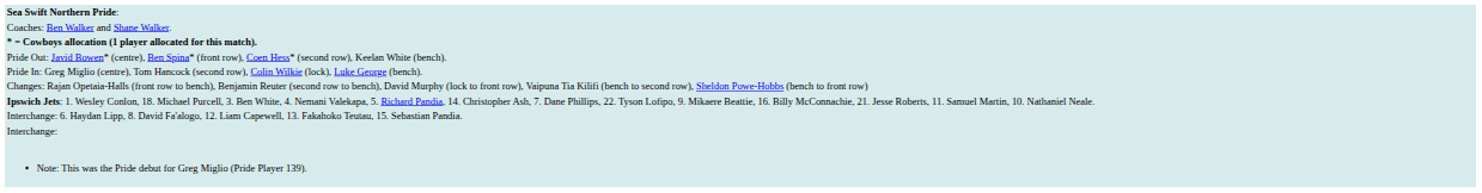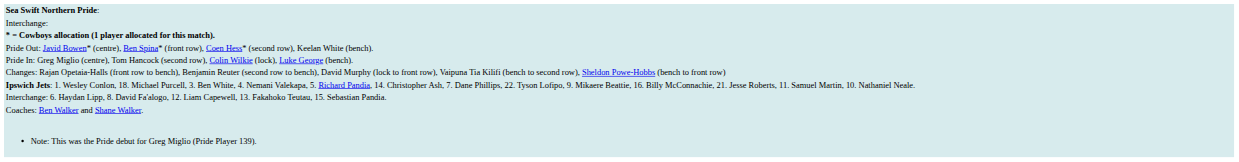 <table style="background:#d7ebed; font-size:85%; width:100%;">
 <tr>
 <td><strong>Sea Swift Northern Pride</strong>:             </td>
 </tr>
 <tr>
-<td>Coaches: <a href='#'>Ben Walker</a> and <a href='#'>Shane Walker</a>.</td>
+<td>Interchange:    </td>
 </tr>
 <tr>
 <td><strong>* = Cowboys allocation (1 player allocated for this match).</strong></td>
 </tr>
 <tr>
 <td>Pride Out: <a href='#'>Javid Bowen</a>* (centre), <a href='#'>Ben Spina</a>* (front row), <a href='#'>Coen Hess</a>* (second row), Keelan White (bench).</td>
 </tr>
 <tr>
 <td>Pride In: Greg Miglio (centre), Tom Hancock (second row), <a href='#'>Colin Wilkie</a> (lock), <a href='#'>Luke George</a> (bench).</td>
 </tr>
 <tr>
 <td>Changes: Rajan Opetaia-Halls (front row to bench), Benjamin Reuter (second row to bench), David Murphy (lock to front row), Vaipuna Tia Kilifi (bench to second row), <a href='#'>Sheldon Powe-Hobbs</a> (bench to front row)</td>
 </tr>
 <tr>
 <td><strong>Ipswich Jets</strong>: 1. Wesley Conlon, 18. Michael Purcell, 3. Ben White, 4. Nemani Valekapa, 5. <a href='#'>Richard Pandia</a>, 14. Christopher Ash, 7. Dane Phillips, 22. Tyson Lofipo, 9. Mikaere Beattie, 16. Billy McConnachie, 21. Jesse Roberts, 11. Samuel Martin, 10. Nathaniel Neale.</td>
 </tr>
 <tr>
 <td>Interchange: 6. Haydan Lipp, 8. David Fa'alogo, 12. Liam Capewell, 13. Fakahoko Teutau, 15. Sebastian Pandia.</td>
 </tr>
 <tr>
-<td>Interchange:    </td>
+<td>Coaches: <a href='#'>Ben Walker</a> and <a href='#'>Shane Walker</a>.</td>
 </tr>
 <tr>
 <td><br><ul><li>Note: This was the Pride debut for Greg Miglio (Pride Player 139).</li></ul></td>
 </tr>
 <tr>
 </tr>
 </table>
